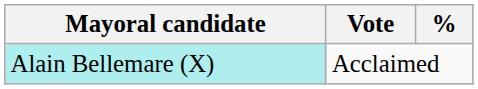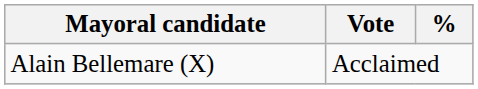 <table class="wikitable">
 <tr>
 <th bgcolor="#DDDDFF" width="200px">Mayoral candidate</th>
 <th bgcolor="#DDDDFF" width="50px">Vote</th>
 <th bgcolor="#DDDDFF"  width="30px">%</th>
 </tr>
 <tr>
-<td style="background: paleturquoise;">Alain Bellemare (X)</td>
+<td>Alain Bellemare (X)</td>
 <td colspan="2">Acclaimed</td>
 </tr>
 </table>
